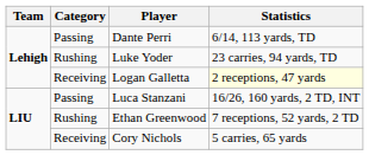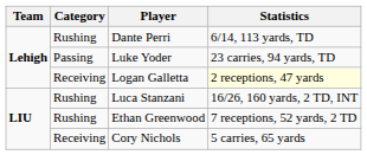 <table class="wikitable" style="float: right;">
 <tr>
 <th>Team</th>
 <th>Category</th>
 <th>Player</th>
 <th>Statistics</th>
 </tr>
 <tr>
 <td rowspan=3><strong>Lehigh</strong></td>
-<td>Passing</td>
+<td>Rushing</td>
 <td>Dante Perri</td>
 <td>6/14, 113 yards, TD</td>
 </tr>
 <tr>
-<td>Rushing</td>
+<td>Passing</td>
 <td>Luke Yoder</td>
 <td>23 carries, 94 yards, TD</td>
 </tr>
 <tr>
 <td>Receiving</td>
 <td>Logan Galletta</td>
 <td style="background: lightyellow;">2 receptions, 47 yards</td>
 </tr>
 <tr>
 <td rowspan=3><strong>LIU</strong></td>
-<td>Passing</td>
+<td>Rushing</td>
 <td>Luca Stanzani</td>
 <td>16/26, 160 yards, 2 TD, INT</td>
 </tr>
 <tr>
 <td>Rushing</td>
 <td>Ethan Greenwood</td>
 <td>7 receptions, 52 yards, 2 TD</td>
 </tr>
 <tr>
 <td>Receiving</td>
 <td>Cory Nichols</td>
 <td>5 carries, 65 yards</td>
 </tr>
 </table>
